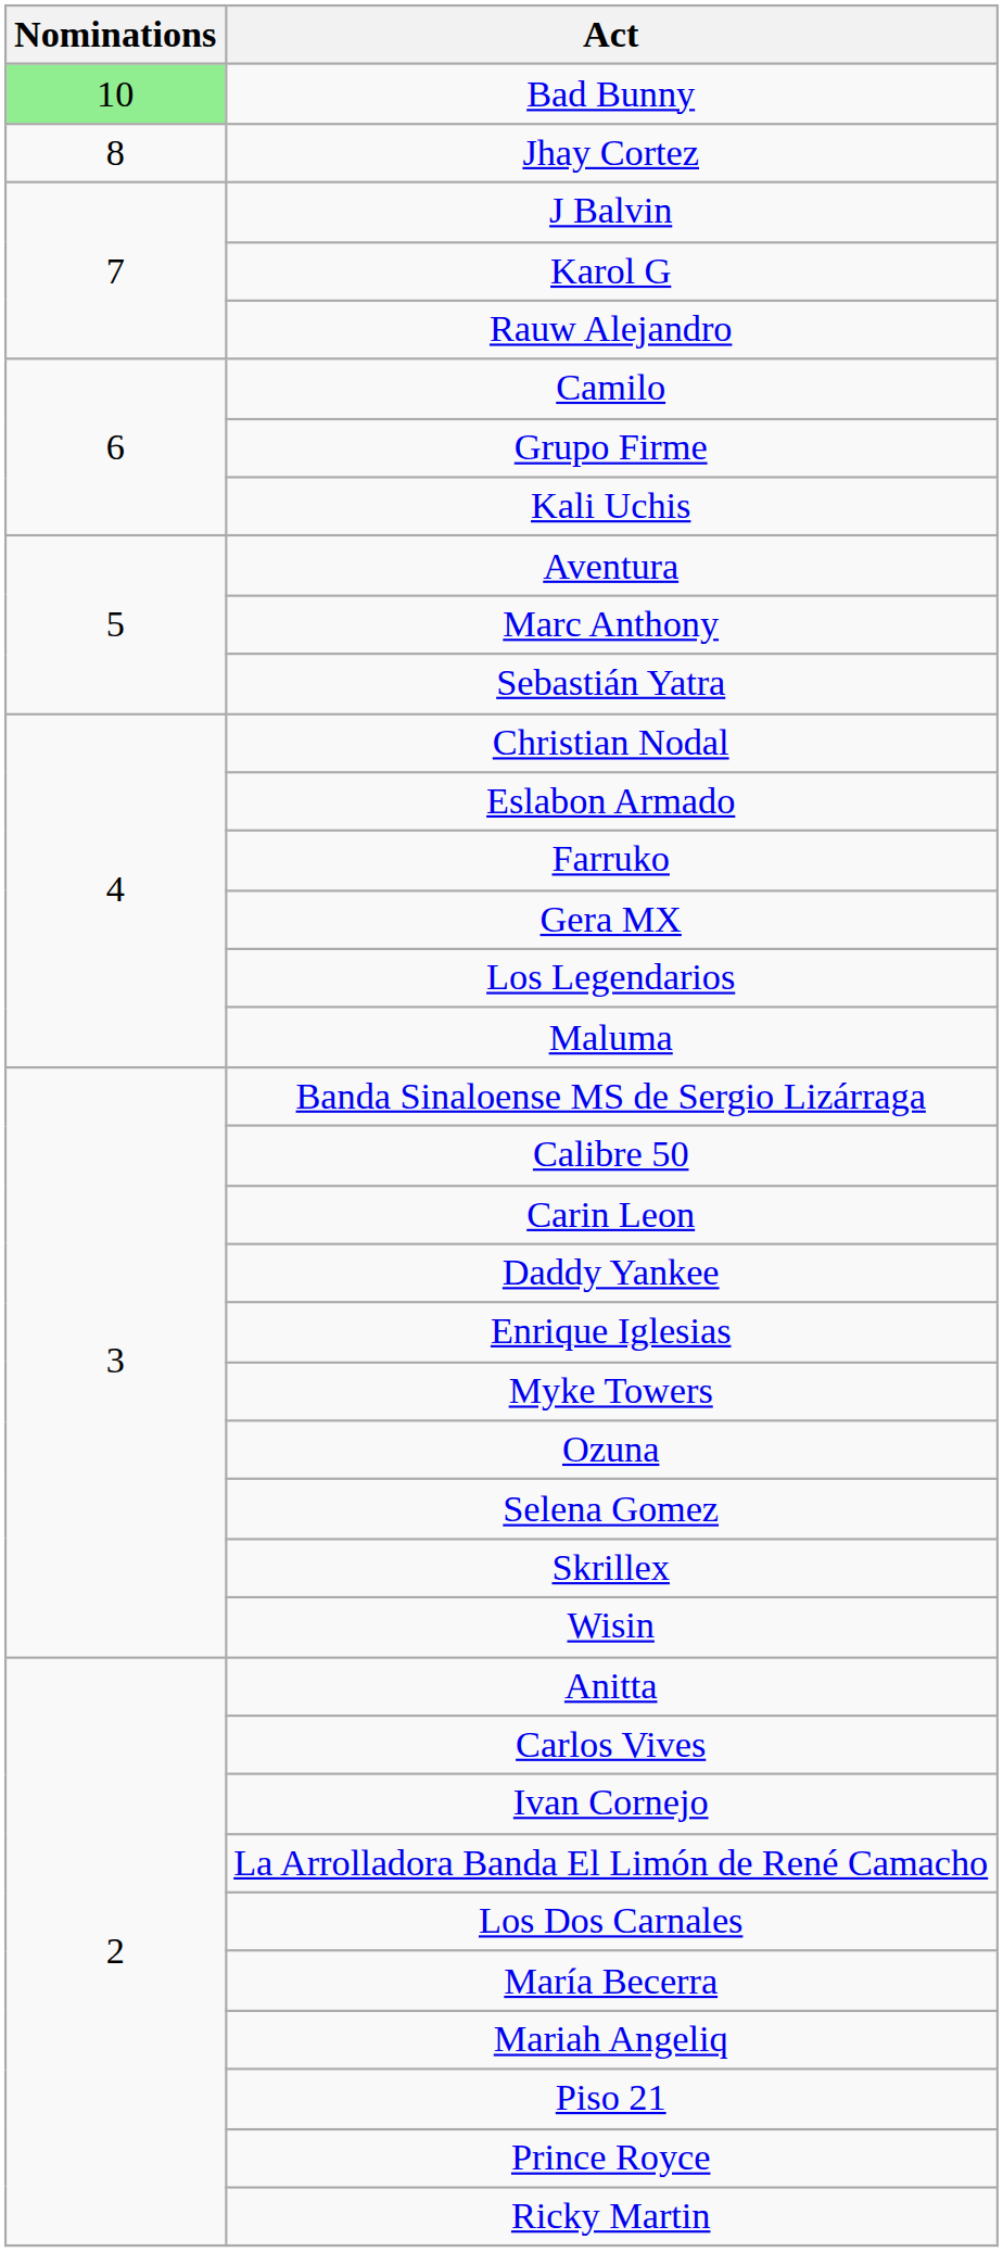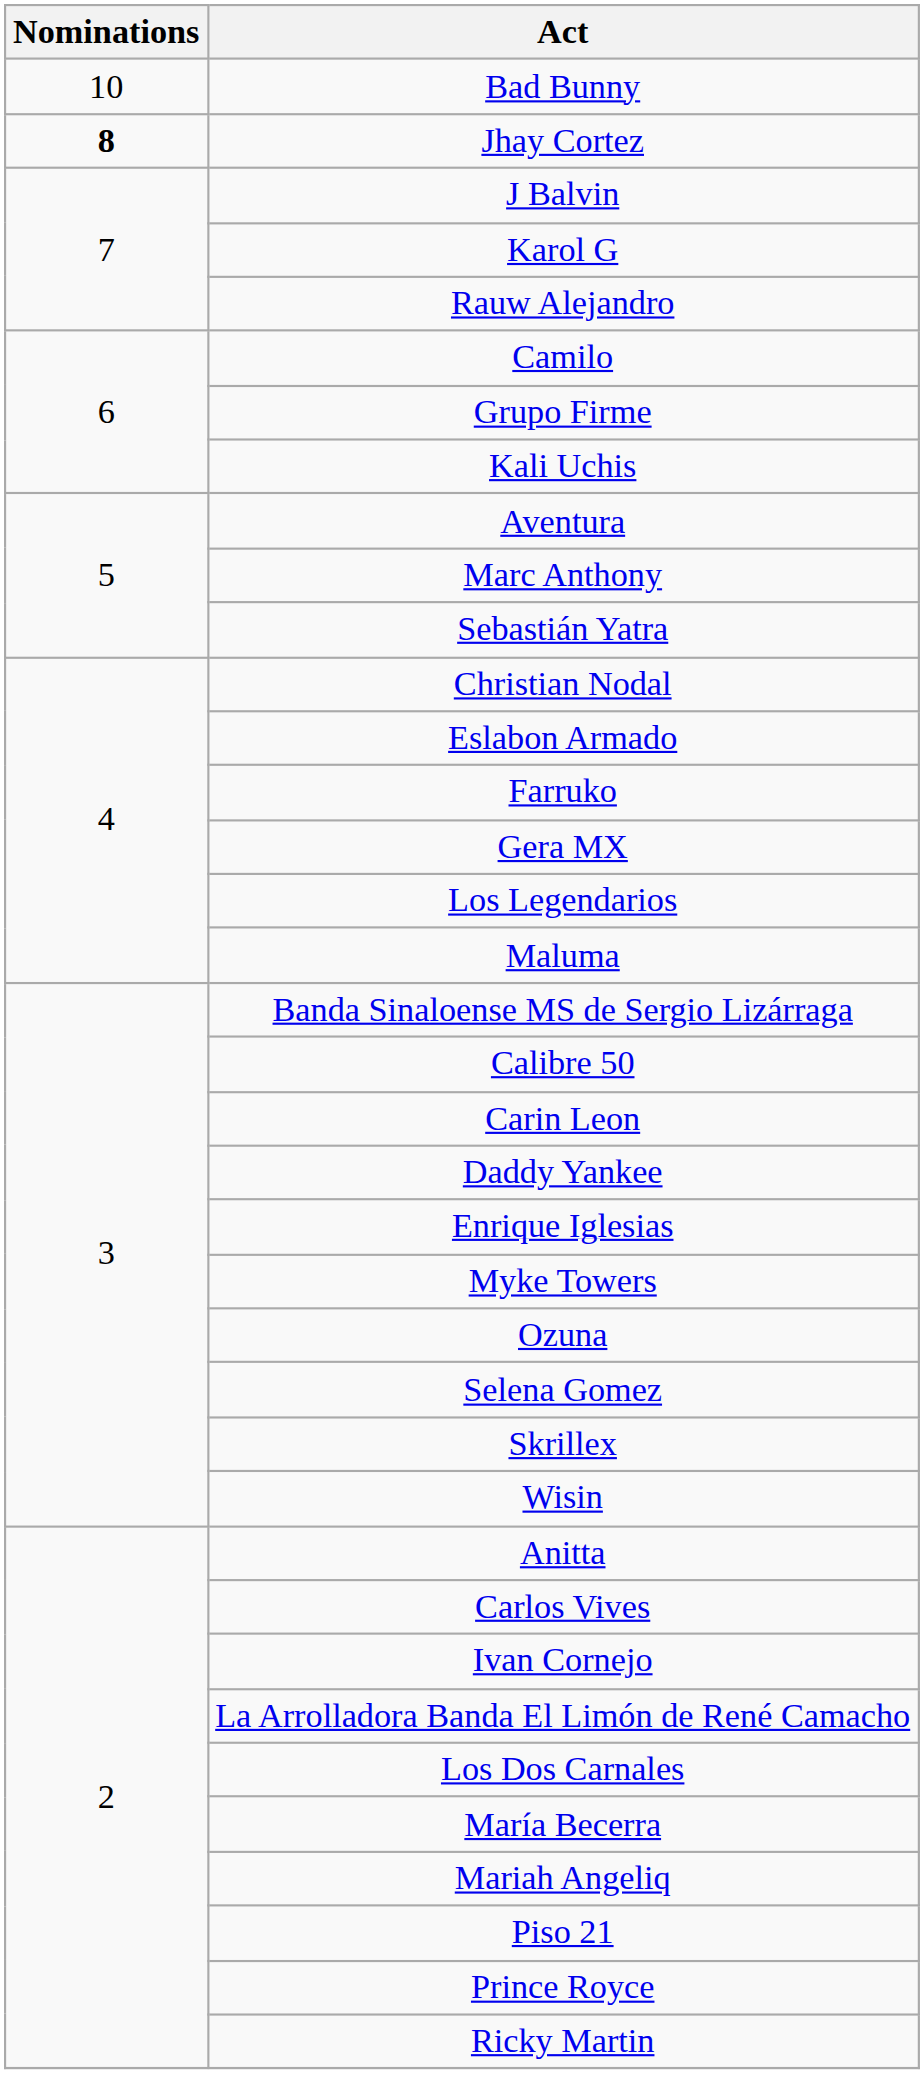 <table class="wikitable" rowspan="2" style="text-align:center;">
 <tr>
 <th scope="col">Nominations</th>
 <th scope="col">Act</th>
 </tr>
 <tr>
-<td style="background: lightgreen;">10</td>
+<td>10</td>
 <td><a href='#'>Bad Bunny</a></td>
 </tr>
 <tr>
-<td>8</td>
+<td><strong>8</strong></td>
 <td><a href='#'>Jhay Cortez</a></td>
 </tr>
 <tr>
 <td rowspan="3">7</td>
 <td><a href='#'>J Balvin</a></td>
 </tr>
 <tr>
 <td><a href='#'>Karol G</a></td>
 </tr>
 <tr>
 <td><a href='#'>Rauw Alejandro</a></td>
 </tr>
 <tr>
 <td rowspan="3">6</td>
 <td><a href='#'>Camilo</a></td>
 </tr>
 <tr>
 <td><a href='#'>Grupo Firme</a></td>
 </tr>
 <tr>
 <td><a href='#'>Kali Uchis</a></td>
 </tr>
 <tr>
 <td rowspan="3">5</td>
 <td><a href='#'>Aventura</a></td>
 </tr>
 <tr>
 <td><a href='#'>Marc Anthony</a></td>
 </tr>
 <tr>
 <td><a href='#'>Sebastián Yatra</a></td>
 </tr>
 <tr>
 <td rowspan="6">4</td>
 <td><a href='#'>Christian Nodal</a></td>
 </tr>
 <tr>
 <td><a href='#'>Eslabon Armado</a></td>
 </tr>
 <tr>
 <td><a href='#'>Farruko</a></td>
 </tr>
 <tr>
 <td><a href='#'>Gera MX</a></td>
 </tr>
 <tr>
 <td><a href='#'>Los Legendarios</a></td>
 </tr>
 <tr>
 <td><a href='#'>Maluma</a></td>
 </tr>
 <tr>
 <td rowspan="10">3</td>
 <td><a href='#'>Banda Sinaloense MS de Sergio Lizárraga</a></td>
 </tr>
 <tr>
 <td><a href='#'>Calibre 50</a></td>
 </tr>
 <tr>
 <td><a href='#'>Carin Leon</a></td>
 </tr>
 <tr>
 <td><a href='#'>Daddy Yankee</a></td>
 </tr>
 <tr>
 <td><a href='#'>Enrique Iglesias</a></td>
 </tr>
 <tr>
 <td><a href='#'>Myke Towers</a></td>
 </tr>
 <tr>
 <td><a href='#'>Ozuna</a></td>
 </tr>
 <tr>
 <td><a href='#'>Selena Gomez</a></td>
 </tr>
 <tr>
 <td><a href='#'>Skrillex</a></td>
 </tr>
 <tr>
 <td><a href='#'>Wisin</a></td>
 </tr>
 <tr>
 <td rowspan="10">2</td>
 <td><a href='#'>Anitta</a></td>
 </tr>
 <tr>
 <td><a href='#'>Carlos Vives</a></td>
 </tr>
 <tr>
 <td><a href='#'>Ivan Cornejo</a></td>
 </tr>
 <tr>
 <td><a href='#'>La Arrolladora Banda El Limón de René Camacho</a></td>
 </tr>
 <tr>
 <td><a href='#'>Los Dos Carnales</a></td>
 </tr>
 <tr>
 <td><a href='#'>María Becerra</a></td>
 </tr>
 <tr>
 <td><a href='#'>Mariah Angeliq</a></td>
 </tr>
 <tr>
 <td><a href='#'>Piso 21</a></td>
 </tr>
 <tr>
 <td><a href='#'>Prince Royce</a></td>
 </tr>
 <tr>
 <td><a href='#'>Ricky Martin</a></td>
 </tr>
 <tr>
 </tr>
 </table>
